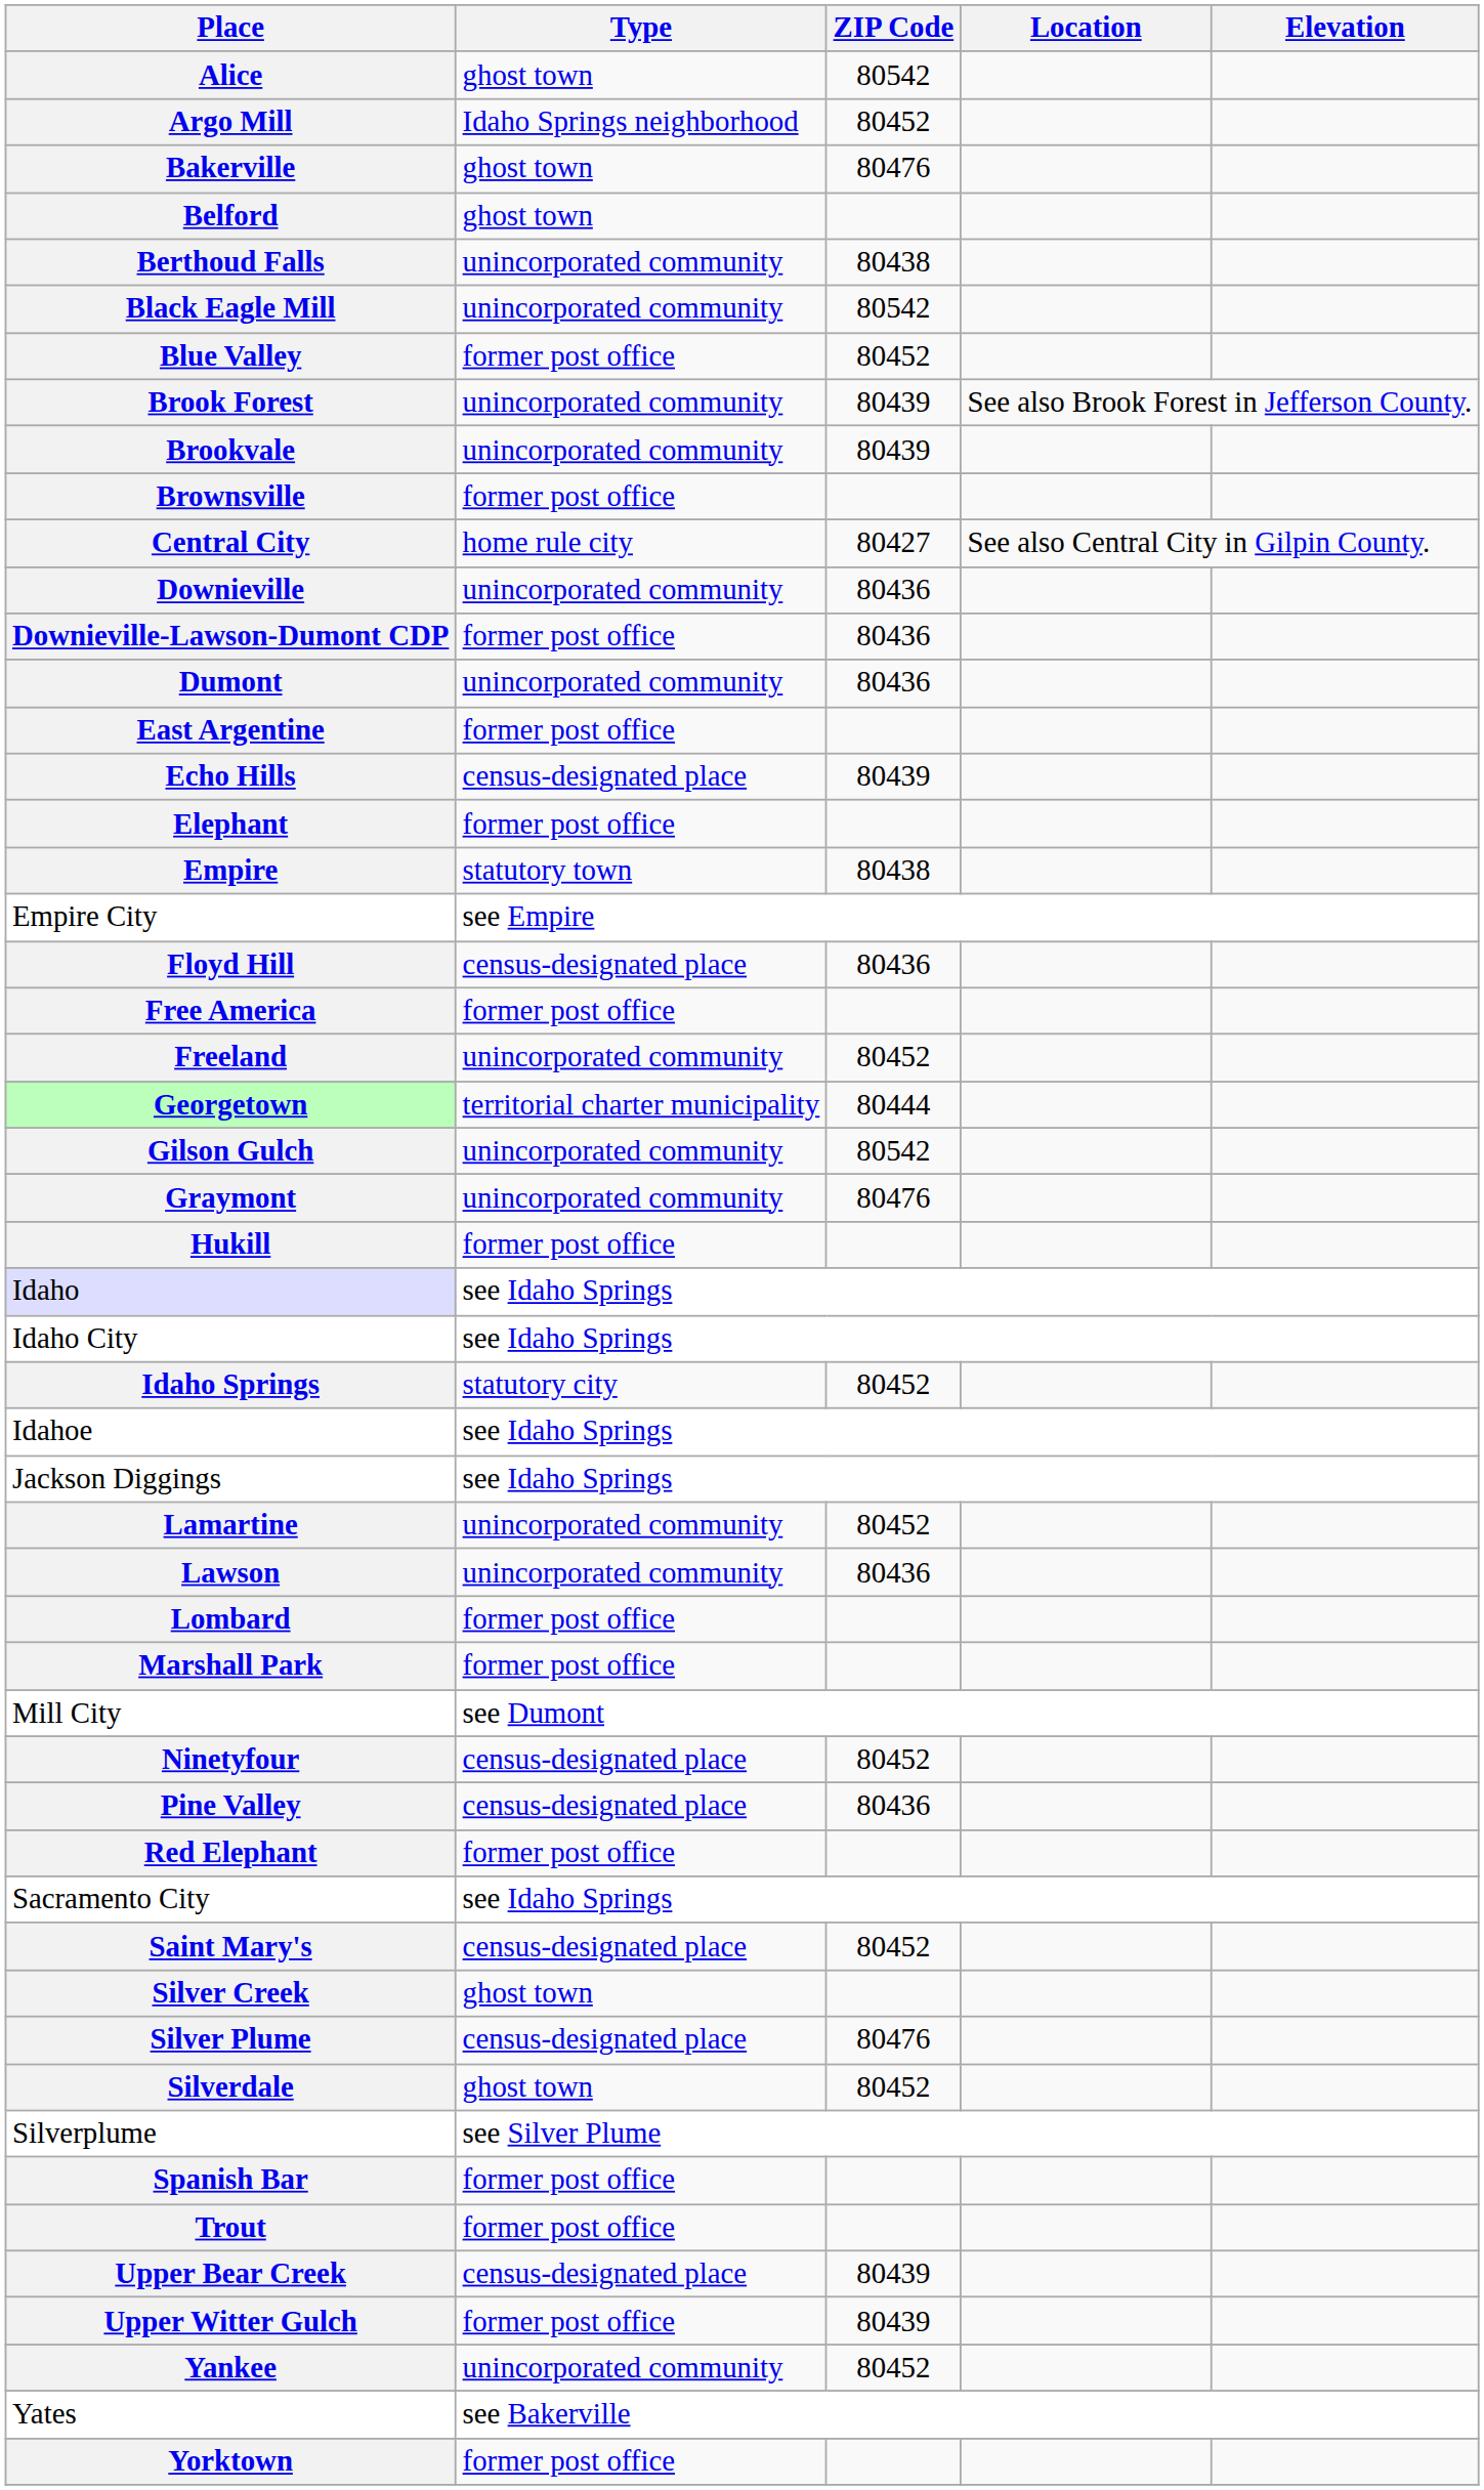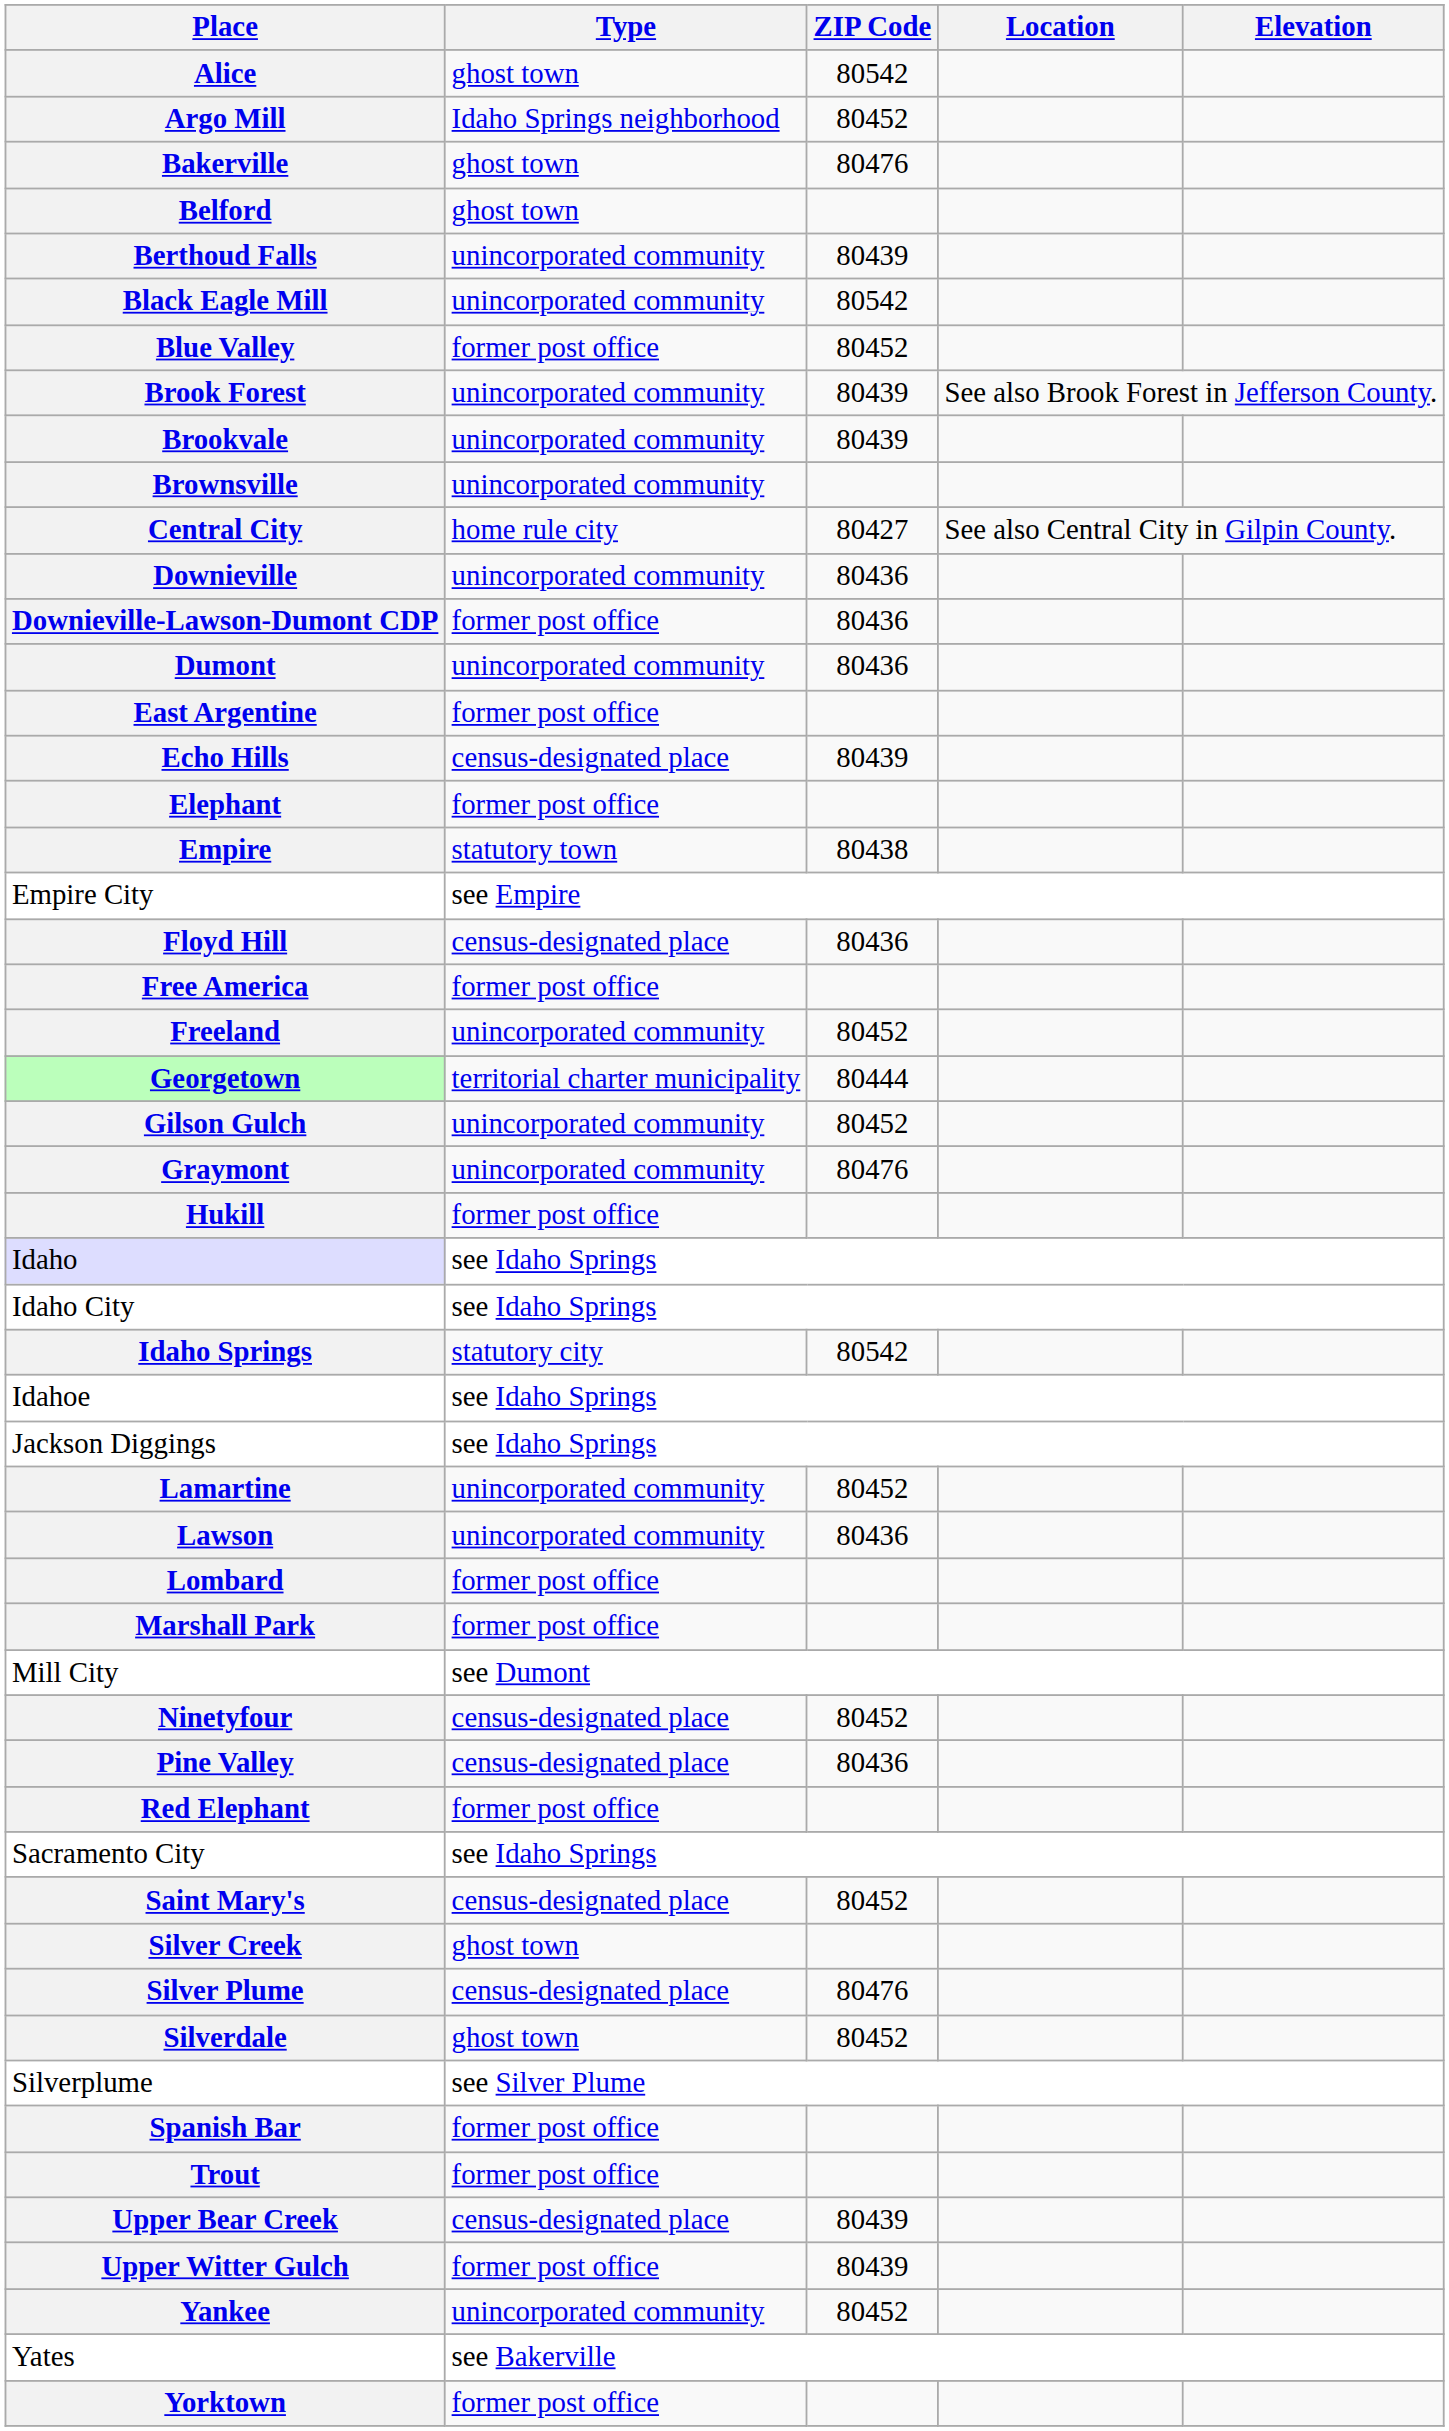 <table class="wikitable sortable  plainrowheaders" style="margin:auto;">
 <tr>
 <th scope=col><a href='#'>Place</a></th>
 <th scope=col><a href='#'>Type</a></th>
 <th scope=col><a href='#'>ZIP Code</a></th>
 <th scope=col><a href='#'>Location</a></th>
 <th scope=col><a href='#'>Elevation</a></th>
 </tr>
 <tr>
 <th scope=row><a href='#'>Alice</a></th>
 <td><a href='#'>ghost town</a></td>
 <td align=center>80542</td>
 <td></td>
 <td align=right></td>
 </tr>
 <tr>
 <th scope=row><a href='#'>Argo Mill</a></th>
 <td><a href='#'>Idaho Springs neighborhood</a></td>
 <td align=center>80452</td>
 <td></td>
 <td align=right></td>
 </tr>
 <tr>
 <th scope=row><a href='#'>Bakerville</a></th>
 <td><a href='#'>ghost town</a></td>
 <td align=center>80476</td>
 <td></td>
 <td align=right></td>
 </tr>
 <tr>
 <th scope=row><a href='#'>Belford</a></th>
 <td><a href='#'>ghost town</a></td>
 <td align=center></td>
 <td></td>
 <td></td>
 </tr>
 <tr>
 <th scope=row><a href='#'>Berthoud Falls</a></th>
 <td><a href='#'>unincorporated community</a></td>
-<td align=center>80438</td>
+<td align=center>80439</td>
 <td></td>
 <td align=right></td>
 </tr>
 <tr>
 <th scope=row><a href='#'>Black Eagle Mill</a></th>
 <td><a href='#'>unincorporated community</a></td>
 <td align=center>80542</td>
 <td></td>
 <td align=right></td>
 </tr>
 <tr>
 <th scope=row><a href='#'>Blue Valley</a></th>
 <td><a href='#'>former post office</a></td>
 <td align=center>80452</td>
 <td></td>
 <td align=right></td>
 </tr>
 <tr>
 <th scope=row><a href='#'>Brook Forest</a></th>
 <td><a href='#'>unincorporated community</a></td>
 <td align=center>80439</td>
 <td colspan=2>See also Brook Forest in <a href='#'>Jefferson County</a>.</td>
 </tr>
 <tr>
 <th scope=row><a href='#'>Brookvale</a></th>
 <td><a href='#'>unincorporated community</a></td>
 <td align=center>80439</td>
 <td></td>
 <td align=right></td>
 </tr>
 <tr>
 <th scope=row><a href='#'>Brownsville</a></th>
-<td><a href='#'>former post office</a></td>
+<td><a href='#'>unincorporated community</a></td>
 <td align=center></td>
 <td></td>
 <td></td>
 </tr>
 <tr>
 <th scope=row><a href='#'>Central City</a></th>
 <td><a href='#'>home rule city</a></td>
 <td align=center>80427</td>
 <td colspan=2>See also Central City in <a href='#'>Gilpin County</a>.</td>
 </tr>
 <tr>
 <th scope=row><a href='#'>Downieville</a></th>
 <td><a href='#'>unincorporated community</a></td>
 <td align=center>80436</td>
 <td></td>
 <td align=right></td>
 </tr>
 <tr>
 <th scope=row><a href='#'>Downieville-Lawson-Dumont CDP</a></th>
 <td><a href='#'>former post office</a></td>
 <td align=center>80436</td>
 <td></td>
 <td align=right></td>
 </tr>
 <tr>
 <th scope=row><a href='#'>Dumont</a></th>
 <td><a href='#'>unincorporated community</a></td>
 <td align=center>80436</td>
 <td></td>
 <td align=right></td>
 </tr>
 <tr>
 <th scope=row><a href='#'>East Argentine</a></th>
 <td><a href='#'>former post office</a></td>
 <td align=center></td>
 <td></td>
 <td></td>
 </tr>
 <tr>
 <th scope=row><a href='#'>Echo Hills</a></th>
 <td><a href='#'>census-designated place</a></td>
 <td align=center>80439</td>
 <td></td>
 <td align=right></td>
 </tr>
 <tr>
 <th scope=row><a href='#'>Elephant</a></th>
 <td><a href='#'>former post office</a></td>
 <td align=center></td>
 <td></td>
 <td></td>
 </tr>
 <tr>
 <th scope=row><a href='#'>Empire</a></th>
 <td><a href='#'>statutory town</a></td>
 <td align=center>80438</td>
 <td></td>
 <td align=right></td>
 </tr>
 <tr bgcolor=white>
 <td>Empire City</td>
 <td colspan=4>see <a href='#'>Empire</a></td>
 </tr>
 <tr>
 <th scope=row><a href='#'>Floyd Hill</a></th>
 <td><a href='#'>census-designated place</a></td>
 <td align=center>80436</td>
 <td></td>
 <td align=right></td>
 </tr>
 <tr>
 <th scope=row><a href='#'>Free America</a></th>
 <td><a href='#'>former post office</a></td>
 <td align=center></td>
 <td></td>
 <td></td>
 </tr>
 <tr>
 <th scope=row><a href='#'>Freeland</a></th>
 <td><a href='#'>unincorporated community</a></td>
 <td align=center>80452</td>
 <td></td>
 <td align=right></td>
 </tr>
 <tr>
 <th scope=row style="background:#BBFFBB;"><a href='#'>Georgetown</a></th>
 <td><a href='#'>territorial charter municipality</a></td>
 <td align=center>80444</td>
 <td></td>
 <td align=right></td>
 </tr>
 <tr>
 <th scope=row><a href='#'>Gilson Gulch</a></th>
 <td><a href='#'>unincorporated community</a></td>
-<td align=center>80542</td>
+<td align=center>80452</td>
 <td></td>
 <td align=right></td>
 </tr>
 <tr>
 <th scope=row><a href='#'>Graymont</a></th>
 <td><a href='#'>unincorporated community</a></td>
 <td align=center>80476</td>
 <td></td>
 <td align=right></td>
 </tr>
 <tr>
 <th scope=row><a href='#'>Hukill</a></th>
 <td><a href='#'>former post office</a></td>
 <td align=center></td>
 <td></td>
 <td></td>
 </tr>
 <tr bgcolor=white>
 <td style="background:#DDDDFF;">Idaho</td>
 <td colspan=4>see <a href='#'>Idaho Springs</a></td>
 </tr>
 <tr bgcolor=white>
 <td>Idaho City</td>
 <td colspan=4>see <a href='#'>Idaho Springs</a></td>
 </tr>
 <tr>
 <th scope=row><a href='#'>Idaho Springs</a></th>
 <td><a href='#'>statutory city</a></td>
-<td align=center>80452</td>
+<td align=center>80542</td>
 <td></td>
 <td align=right></td>
 </tr>
 <tr bgcolor=white>
 <td>Idahoe</td>
 <td colspan=4>see <a href='#'>Idaho Springs</a></td>
 </tr>
 <tr bgcolor=white>
 <td>Jackson Diggings</td>
 <td colspan=4>see <a href='#'>Idaho Springs</a></td>
 </tr>
 <tr>
 <th scope=row><a href='#'>Lamartine</a></th>
 <td><a href='#'>unincorporated community</a></td>
 <td align=center>80452</td>
 <td></td>
 <td align=right></td>
 </tr>
 <tr>
 <th scope=row><a href='#'>Lawson</a></th>
 <td><a href='#'>unincorporated community</a></td>
 <td align=center>80436</td>
 <td></td>
 <td align=right></td>
 </tr>
 <tr>
 <th scope=row><a href='#'>Lombard</a></th>
 <td><a href='#'>former post office</a></td>
 <td align=center></td>
 <td></td>
 <td></td>
 </tr>
 <tr>
 <th scope=row><a href='#'>Marshall Park</a></th>
 <td><a href='#'>former post office</a></td>
 <td align=center></td>
 <td></td>
 <td></td>
 </tr>
 <tr bgcolor=white>
 <td>Mill City</td>
 <td colspan=4>see <a href='#'>Dumont</a></td>
 </tr>
 <tr>
 <th scope=row><a href='#'>Ninetyfour</a></th>
 <td><a href='#'>census-designated place</a></td>
 <td align=center>80452</td>
 <td></td>
 <td align=right></td>
 </tr>
 <tr>
 <th scope=row><a href='#'>Pine Valley</a></th>
 <td><a href='#'>census-designated place</a></td>
 <td align=center>80436</td>
 <td></td>
 <td align=right></td>
 </tr>
 <tr>
 <th scope=row><a href='#'>Red Elephant</a></th>
 <td><a href='#'>former post office</a></td>
 <td align=center></td>
 <td></td>
 <td></td>
 </tr>
 <tr bgcolor=white>
 <td>Sacramento City</td>
 <td colspan=4>see <a href='#'>Idaho Springs</a></td>
 </tr>
 <tr>
 <th scope=row><a href='#'>Saint Mary's</a></th>
 <td><a href='#'>census-designated place</a></td>
 <td align=center>80452</td>
 <td></td>
 <td align=right></td>
 </tr>
 <tr>
 <th scope=row><a href='#'>Silver Creek</a></th>
 <td><a href='#'>ghost town</a></td>
 <td align=center></td>
 <td></td>
 <td></td>
 </tr>
 <tr>
 <th scope=row><a href='#'>Silver Plume</a></th>
 <td><a href='#'>census-designated place</a></td>
 <td align=center>80476</td>
 <td></td>
 <td align=right></td>
 </tr>
 <tr>
 <th scope=row><a href='#'>Silverdale</a></th>
 <td><a href='#'>ghost town</a></td>
 <td align=center>80452</td>
 <td></td>
 <td align=right></td>
 </tr>
 <tr bgcolor=white>
 <td>Silverplume</td>
 <td colspan=4>see <a href='#'>Silver Plume</a></td>
 </tr>
 <tr>
 <th scope=row><a href='#'>Spanish Bar</a></th>
 <td><a href='#'>former post office</a></td>
 <td align=center></td>
 <td></td>
 <td></td>
 </tr>
 <tr>
 <th scope=row><a href='#'>Trout</a></th>
 <td><a href='#'>former post office</a></td>
 <td align=center></td>
 <td></td>
 <td></td>
 </tr>
 <tr>
 <th scope=row><a href='#'>Upper Bear Creek</a></th>
 <td><a href='#'>census-designated place</a></td>
 <td align=center>80439</td>
 <td></td>
 <td align=right></td>
 </tr>
 <tr>
 <th scope=row><a href='#'>Upper Witter Gulch</a></th>
 <td><a href='#'>former post office</a></td>
 <td align=center>80439</td>
 <td></td>
 <td align=right></td>
 </tr>
 <tr>
 <th scope=row><a href='#'>Yankee</a></th>
 <td><a href='#'>unincorporated community</a></td>
 <td align=center>80452</td>
 <td></td>
 <td align=right></td>
 </tr>
 <tr bgcolor=white>
 <td>Yates</td>
 <td colspan=4>see <a href='#'>Bakerville</a></td>
 </tr>
 <tr>
 <th scope=row><a href='#'>Yorktown</a></th>
 <td><a href='#'>former post office</a></td>
 <td align=center></td>
 <td></td>
 <td></td>
 </tr>
 </table>
